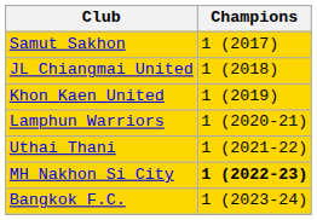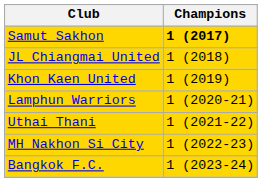 <table class="wikitable sortable" style="font-size: 95%;">
 <tr>
 <th>Club</th>
 <th>Champions</th>
 </tr>
 <tr ! style="background:gold;">
 <td><a href='#'>Samut Sakhon</a></td>
-<td>1 (2017)</td>
+<td><strong>1 (2017)</strong></td>
 </tr>
 <tr ! style="background:gold;">
 <td><a href='#'>JL Chiangmai United</a></td>
 <td>1 (2018)</td>
 </tr>
 <tr ! style="background:gold;">
 <td><a href='#'>Khon Kaen United</a></td>
 <td>1 (2019)</td>
 </tr>
 <tr ! style="background:gold;">
 <td><a href='#'>Lamphun Warriors</a></td>
 <td>1 (2020-21)</td>
 </tr>
 <tr ! style="background:gold;">
 <td><a href='#'>Uthai Thani</a></td>
 <td>1 (2021-22)</td>
 </tr>
 <tr ! style="background:gold;">
 <td><a href='#'>MH Nakhon Si City</a></td>
-<td><strong>1 (2022-23)</strong></td>
+<td>1 (2022-23)</td>
 </tr>
 <tr ! style="background:gold;">
 <td><a href='#'>Bangkok F.C.</a></td>
 <td>1 (2023-24)</td>
 </tr>
 <tr>
 </tr>
 </table>
